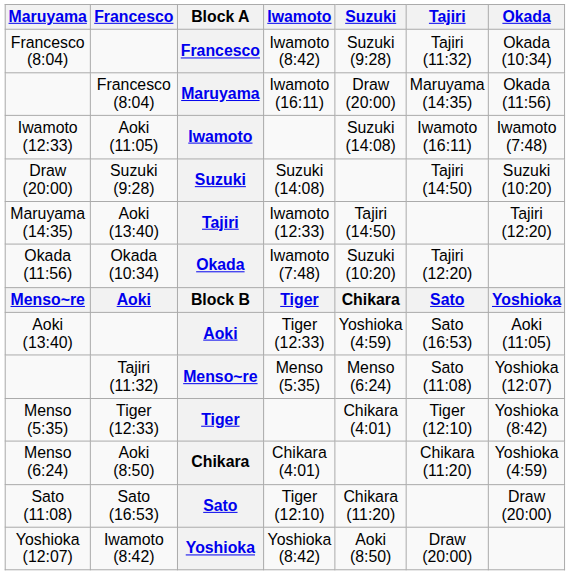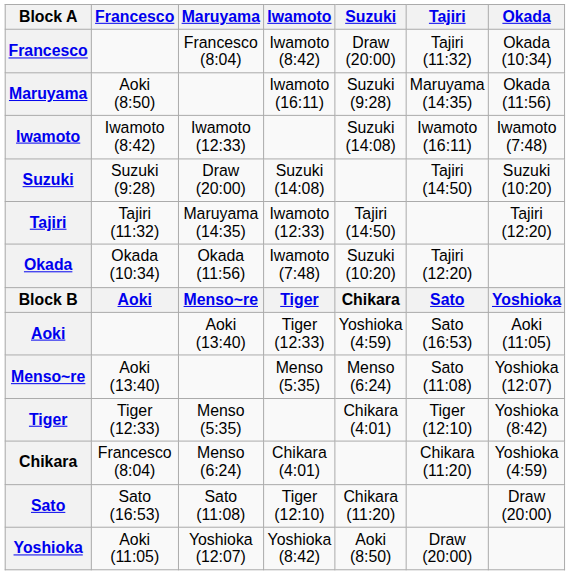 <table class="wikitable" style="margin: 1em auto 1em auto;text-align:center">
 <tr>
+<th>Block A</th>
+<th><a href='#'>Francesco</a></th>
 <th><a href='#'>Maruyama</a></th>
-<th><a href='#'>Francesco</a></th>
-<th>Block A</th>
 <th><a href='#'>Iwamoto</a></th>
 <th><a href='#'>Suzuki</a></th>
 <th><a href='#'>Tajiri</a></th>
 <th><a href='#'>Okada</a></th>
 </tr>
 <tr>
+<th><a href='#'>Francesco</a></th>
+<td></td>
 <td>Francesco<br>(8:04)</td>
-<td></td>
-<th><a href='#'>Francesco</a></th>
 <td>Iwamoto<br>(8:42)</td>
-<td>Suzuki<br>(9:28)</td>
+<td>Draw<br>(20:00)</td>
 <td>Tajiri<br>(11:32)</td>
 <td>Okada<br>(10:34)</td>
 </tr>
 <tr>
+<th><a href='#'>Maruyama</a></th>
+<td>Aoki<br>(8:50)</td>
 <td></td>
-<td>Francesco<br>(8:04)</td>
-<th><a href='#'>Maruyama</a></th>
 <td>Iwamoto<br>(16:11)</td>
-<td>Draw<br>(20:00)</td>
+<td>Suzuki<br>(9:28)</td>
 <td>Maruyama<br>(14:35)</td>
 <td>Okada<br>(11:56)</td>
 </tr>
 <tr>
+<th><a href='#'>Iwamoto</a></th>
+<td>Iwamoto<br>(8:42)</td>
 <td>Iwamoto<br>(12:33)</td>
-<td>Aoki<br>(11:05)</td>
-<th><a href='#'>Iwamoto</a></th>
 <td></td>
 <td>Suzuki<br>(14:08)</td>
 <td>Iwamoto<br>(16:11)</td>
 <td>Iwamoto<br>(7:48)</td>
 </tr>
 <tr>
+<th><a href='#'>Suzuki</a></th>
+<td>Suzuki<br>(9:28)</td>
 <td>Draw<br>(20:00)</td>
-<td>Suzuki<br>(9:28)</td>
-<th><a href='#'>Suzuki</a></th>
 <td>Suzuki<br>(14:08)</td>
 <td></td>
 <td>Tajiri<br>(14:50)</td>
 <td>Suzuki<br>(10:20)</td>
 </tr>
 <tr>
+<th><a href='#'>Tajiri</a></th>
+<td>Tajiri<br>(11:32)</td>
 <td>Maruyama<br>(14:35)</td>
-<td>Aoki<br>(13:40)</td>
-<th><a href='#'>Tajiri</a></th>
 <td>Iwamoto<br>(12:33)</td>
 <td>Tajiri<br>(14:50)</td>
 <td></td>
 <td>Tajiri<br>(12:20)</td>
 </tr>
 <tr>
+<th><a href='#'>Okada</a></th>
+<td>Okada<br>(10:34)</td>
 <td>Okada<br>(11:56)</td>
-<td>Okada<br>(10:34)</td>
-<th><a href='#'>Okada</a></th>
 <td>Iwamoto<br>(7:48)</td>
 <td>Suzuki<br>(10:20)</td>
 <td>Tajiri<br>(12:20)</td>
 <td></td>
 </tr>
 <tr>
+<th>Block B</th>
+<th><a href='#'>Aoki</a></th>
 <th><a href='#'>Menso~re</a></th>
-<th><a href='#'>Aoki</a></th>
-<th>Block B</th>
 <th><a href='#'>Tiger</a></th>
 <th>Chikara</th>
 <th><a href='#'>Sato</a></th>
 <th><a href='#'>Yoshioka</a></th>
 </tr>
 <tr>
+<th><a href='#'>Aoki</a></th>
+<td></td>
 <td>Aoki<br>(13:40)</td>
-<td></td>
-<th><a href='#'>Aoki</a></th>
 <td>Tiger<br>(12:33)</td>
 <td>Yoshioka<br>(4:59)</td>
 <td>Sato<br>(16:53)</td>
 <td>Aoki<br>(11:05)</td>
 </tr>
 <tr>
+<th><a href='#'>Menso~re</a></th>
+<td>Aoki<br>(13:40)</td>
 <td></td>
-<td>Tajiri<br>(11:32)</td>
-<th><a href='#'>Menso~re</a></th>
 <td>Menso<br>(5:35)</td>
 <td>Menso<br>(6:24)</td>
 <td>Sato <br>(11:08)</td>
 <td>Yoshioka<br>(12:07)</td>
 </tr>
 <tr>
+<th><a href='#'>Tiger</a></th>
+<td>Tiger<br>(12:33)</td>
 <td>Menso<br>(5:35)</td>
-<td>Tiger<br>(12:33)</td>
-<th><a href='#'>Tiger</a></th>
 <td></td>
 <td>Chikara<br>(4:01)</td>
 <td>Tiger<br>(12:10)</td>
 <td>Yoshioka<br>(8:42)</td>
 </tr>
 <tr>
+<th>Chikara</th>
+<td>Francesco<br>(8:04)</td>
 <td>Menso<br>(6:24)</td>
-<td>Aoki<br>(8:50)</td>
-<th>Chikara</th>
 <td>Chikara<br>(4:01)</td>
 <td></td>
 <td>Chikara<br>(11:20)</td>
 <td>Yoshioka<br>(4:59)</td>
 </tr>
 <tr>
+<th><a href='#'>Sato</a></th>
+<td>Sato<br>(16:53)</td>
 <td>Sato <br>(11:08)</td>
-<td>Sato<br>(16:53)</td>
-<th><a href='#'>Sato</a></th>
 <td>Tiger<br>(12:10)</td>
 <td>Chikara<br>(11:20)</td>
 <td></td>
 <td>Draw<br>(20:00)</td>
 </tr>
 <tr>
+<th><a href='#'>Yoshioka</a></th>
+<td>Aoki<br>(11:05)</td>
 <td>Yoshioka<br>(12:07)</td>
-<td>Iwamoto<br>(8:42)</td>
-<th><a href='#'>Yoshioka</a></th>
 <td>Yoshioka<br>(8:42)</td>
 <td>Aoki<br>(8:50)</td>
 <td>Draw<br>(20:00)</td>
 <td></td>
 </tr>
 </table>
